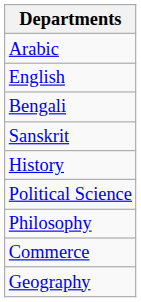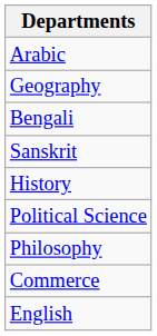 <table class="wikitable sortable">
 <tr>
 <th>Departments</th>
 </tr>
 <tr>
 <td><a href='#'>Arabic</a></td>
 </tr>
 <tr>
-<td><a href='#'>English</a></td>
+<td><a href='#'>Geography</a></td>
 </tr>
 <tr>
 <td><a href='#'>Bengali</a></td>
 </tr>
 <tr>
 <td><a href='#'>Sanskrit</a></td>
 </tr>
 <tr>
 <td><a href='#'>History</a></td>
 </tr>
 <tr>
 <td><a href='#'>Political Science</a></td>
 </tr>
 <tr>
 <td><a href='#'>Philosophy</a></td>
 </tr>
 <tr>
 <td><a href='#'>Commerce</a></td>
 </tr>
 <tr>
-<td><a href='#'>Geography</a></td>
+<td><a href='#'>English</a></td>
 </tr>
 </table>
